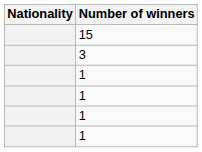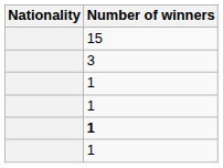 <table class="wikitable plainrowheaders">
 <tr>
 <th scope="col">Nationality</th>
 <th scope="col">Number of winners</th>
 </tr>
 <tr>
 <th scope="row"></th>
 <td>15</td>
 </tr>
 <tr>
 <th scope="row"></th>
 <td>3</td>
 </tr>
 <tr>
 <th scope="row"></th>
 <td>1</td>
 </tr>
 <tr>
 <th scope="row"></th>
 <td>1</td>
 </tr>
 <tr>
 <th scope="row"></th>
-<td>1</td>
+<td><strong>1</strong></td>
 </tr>
 <tr>
 <th scope="row"></th>
 <td>1</td>
 </tr>
 </table>
